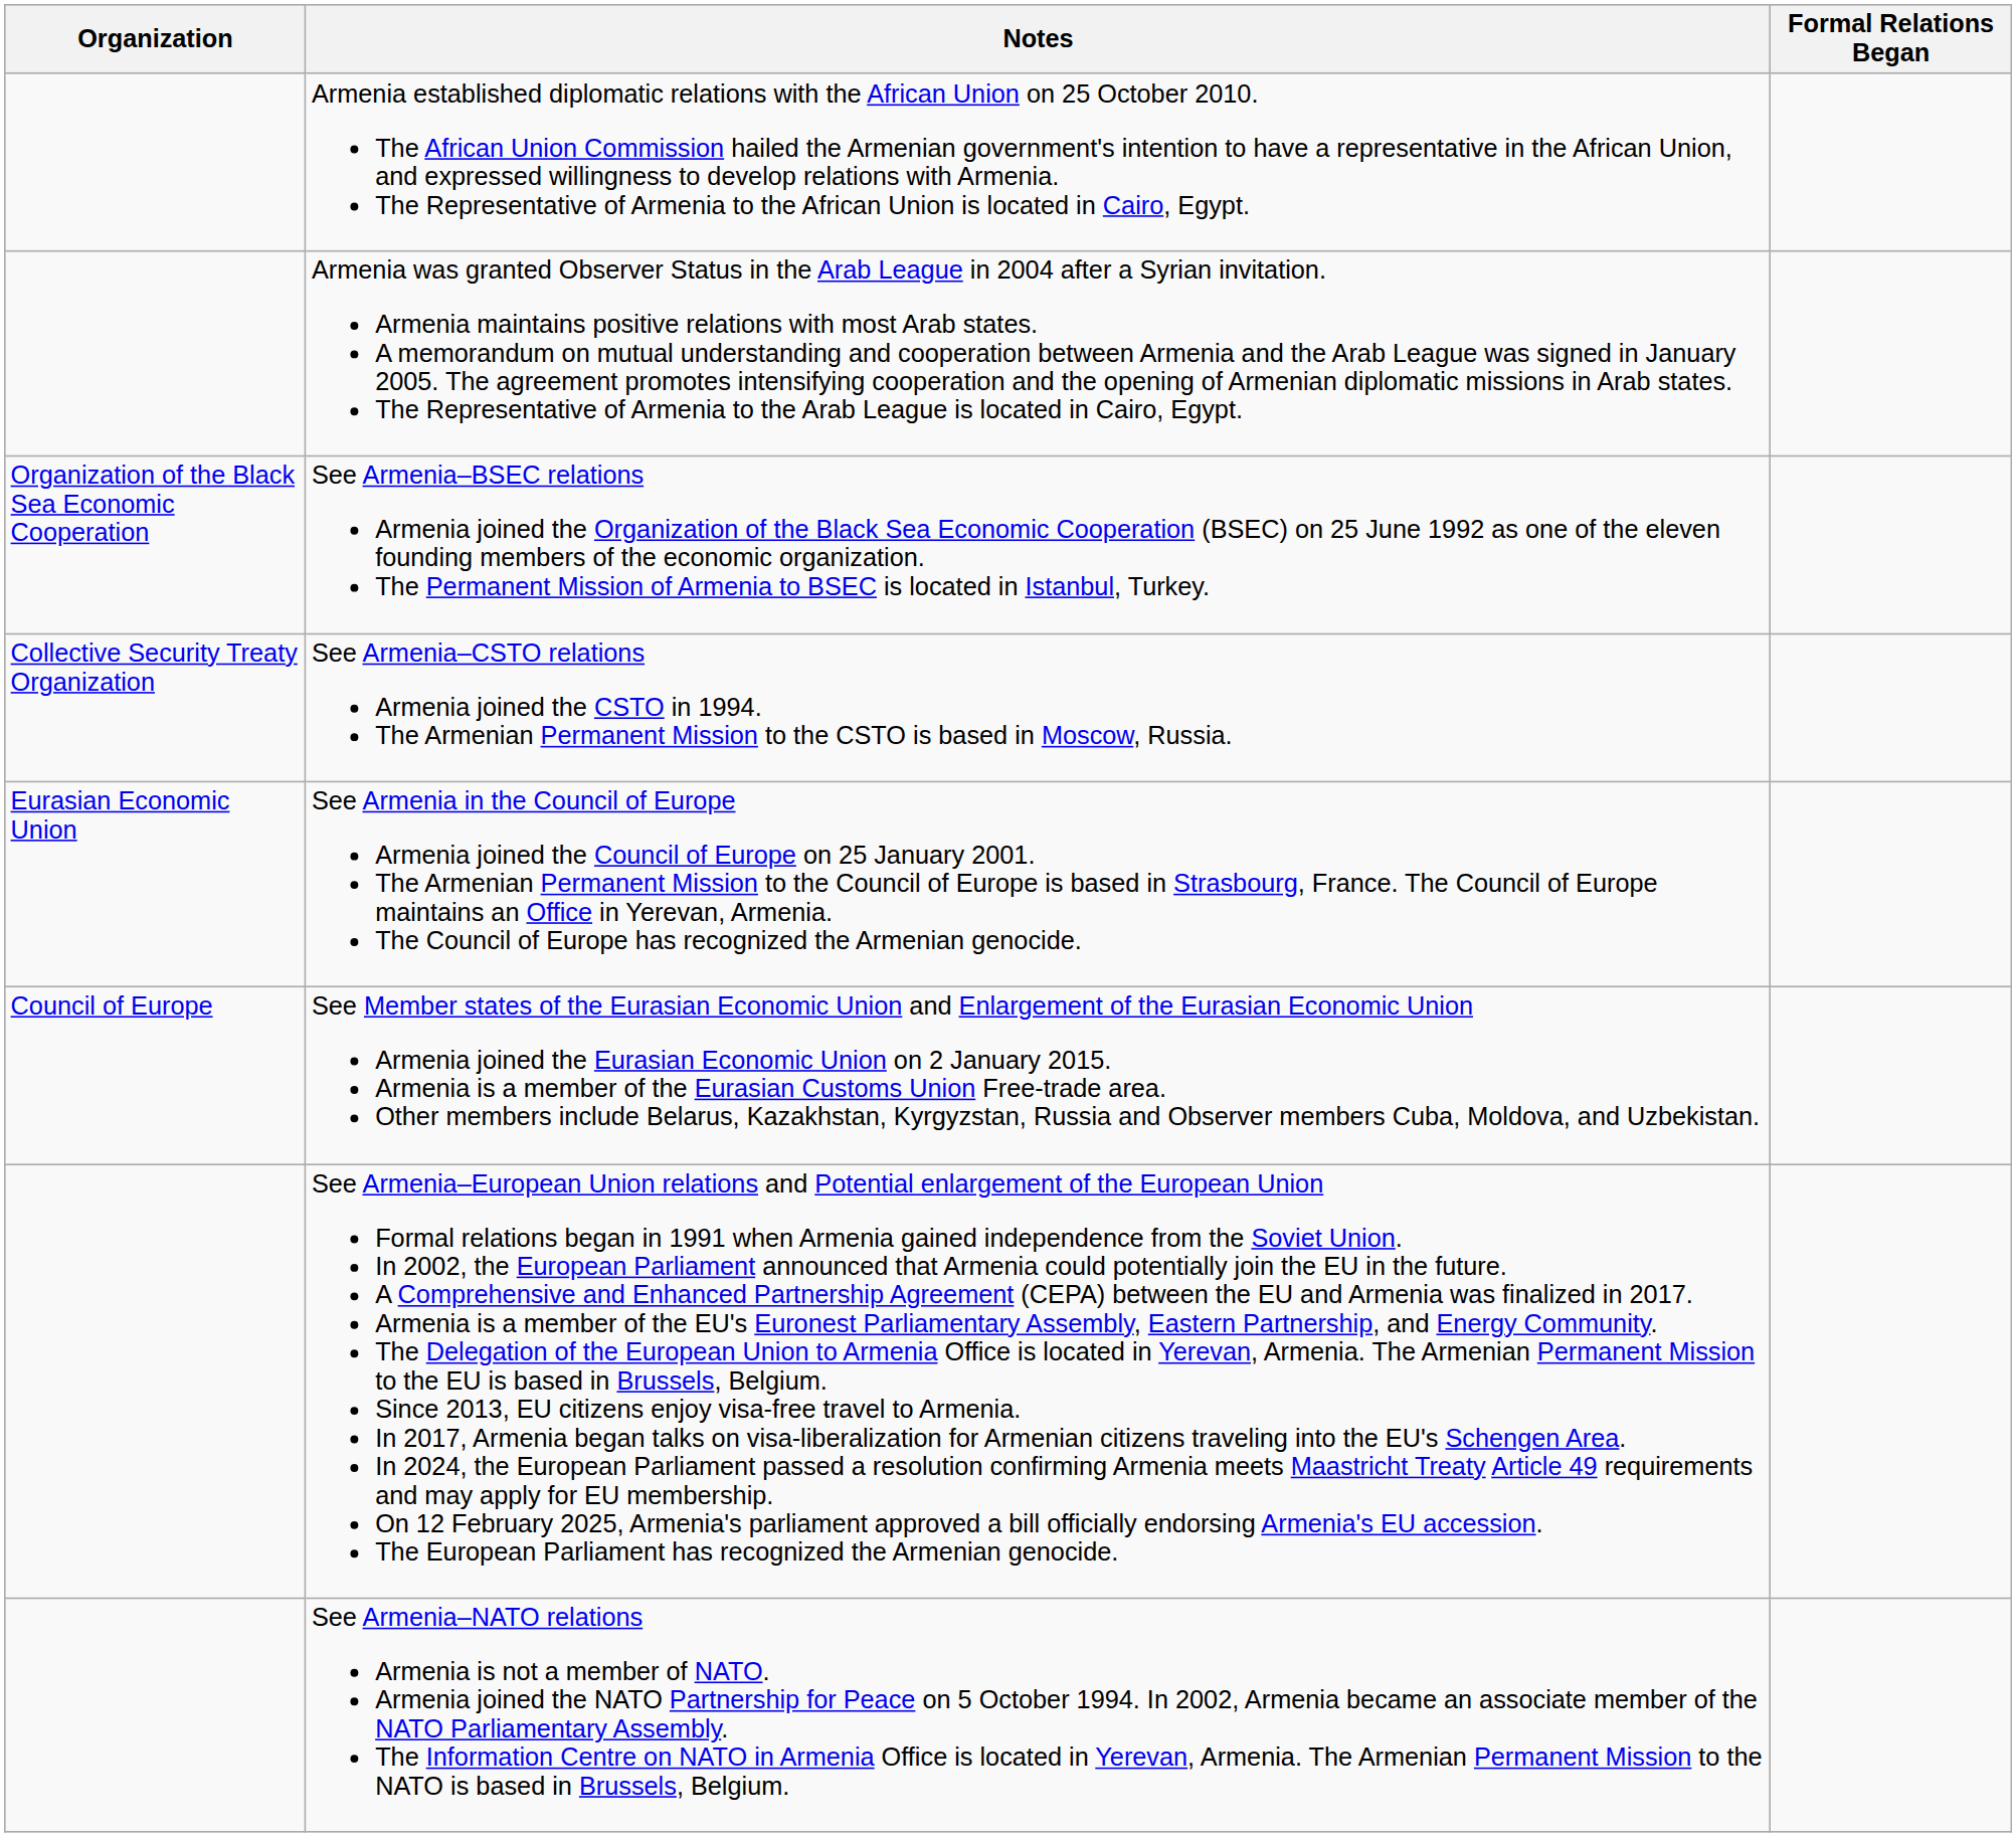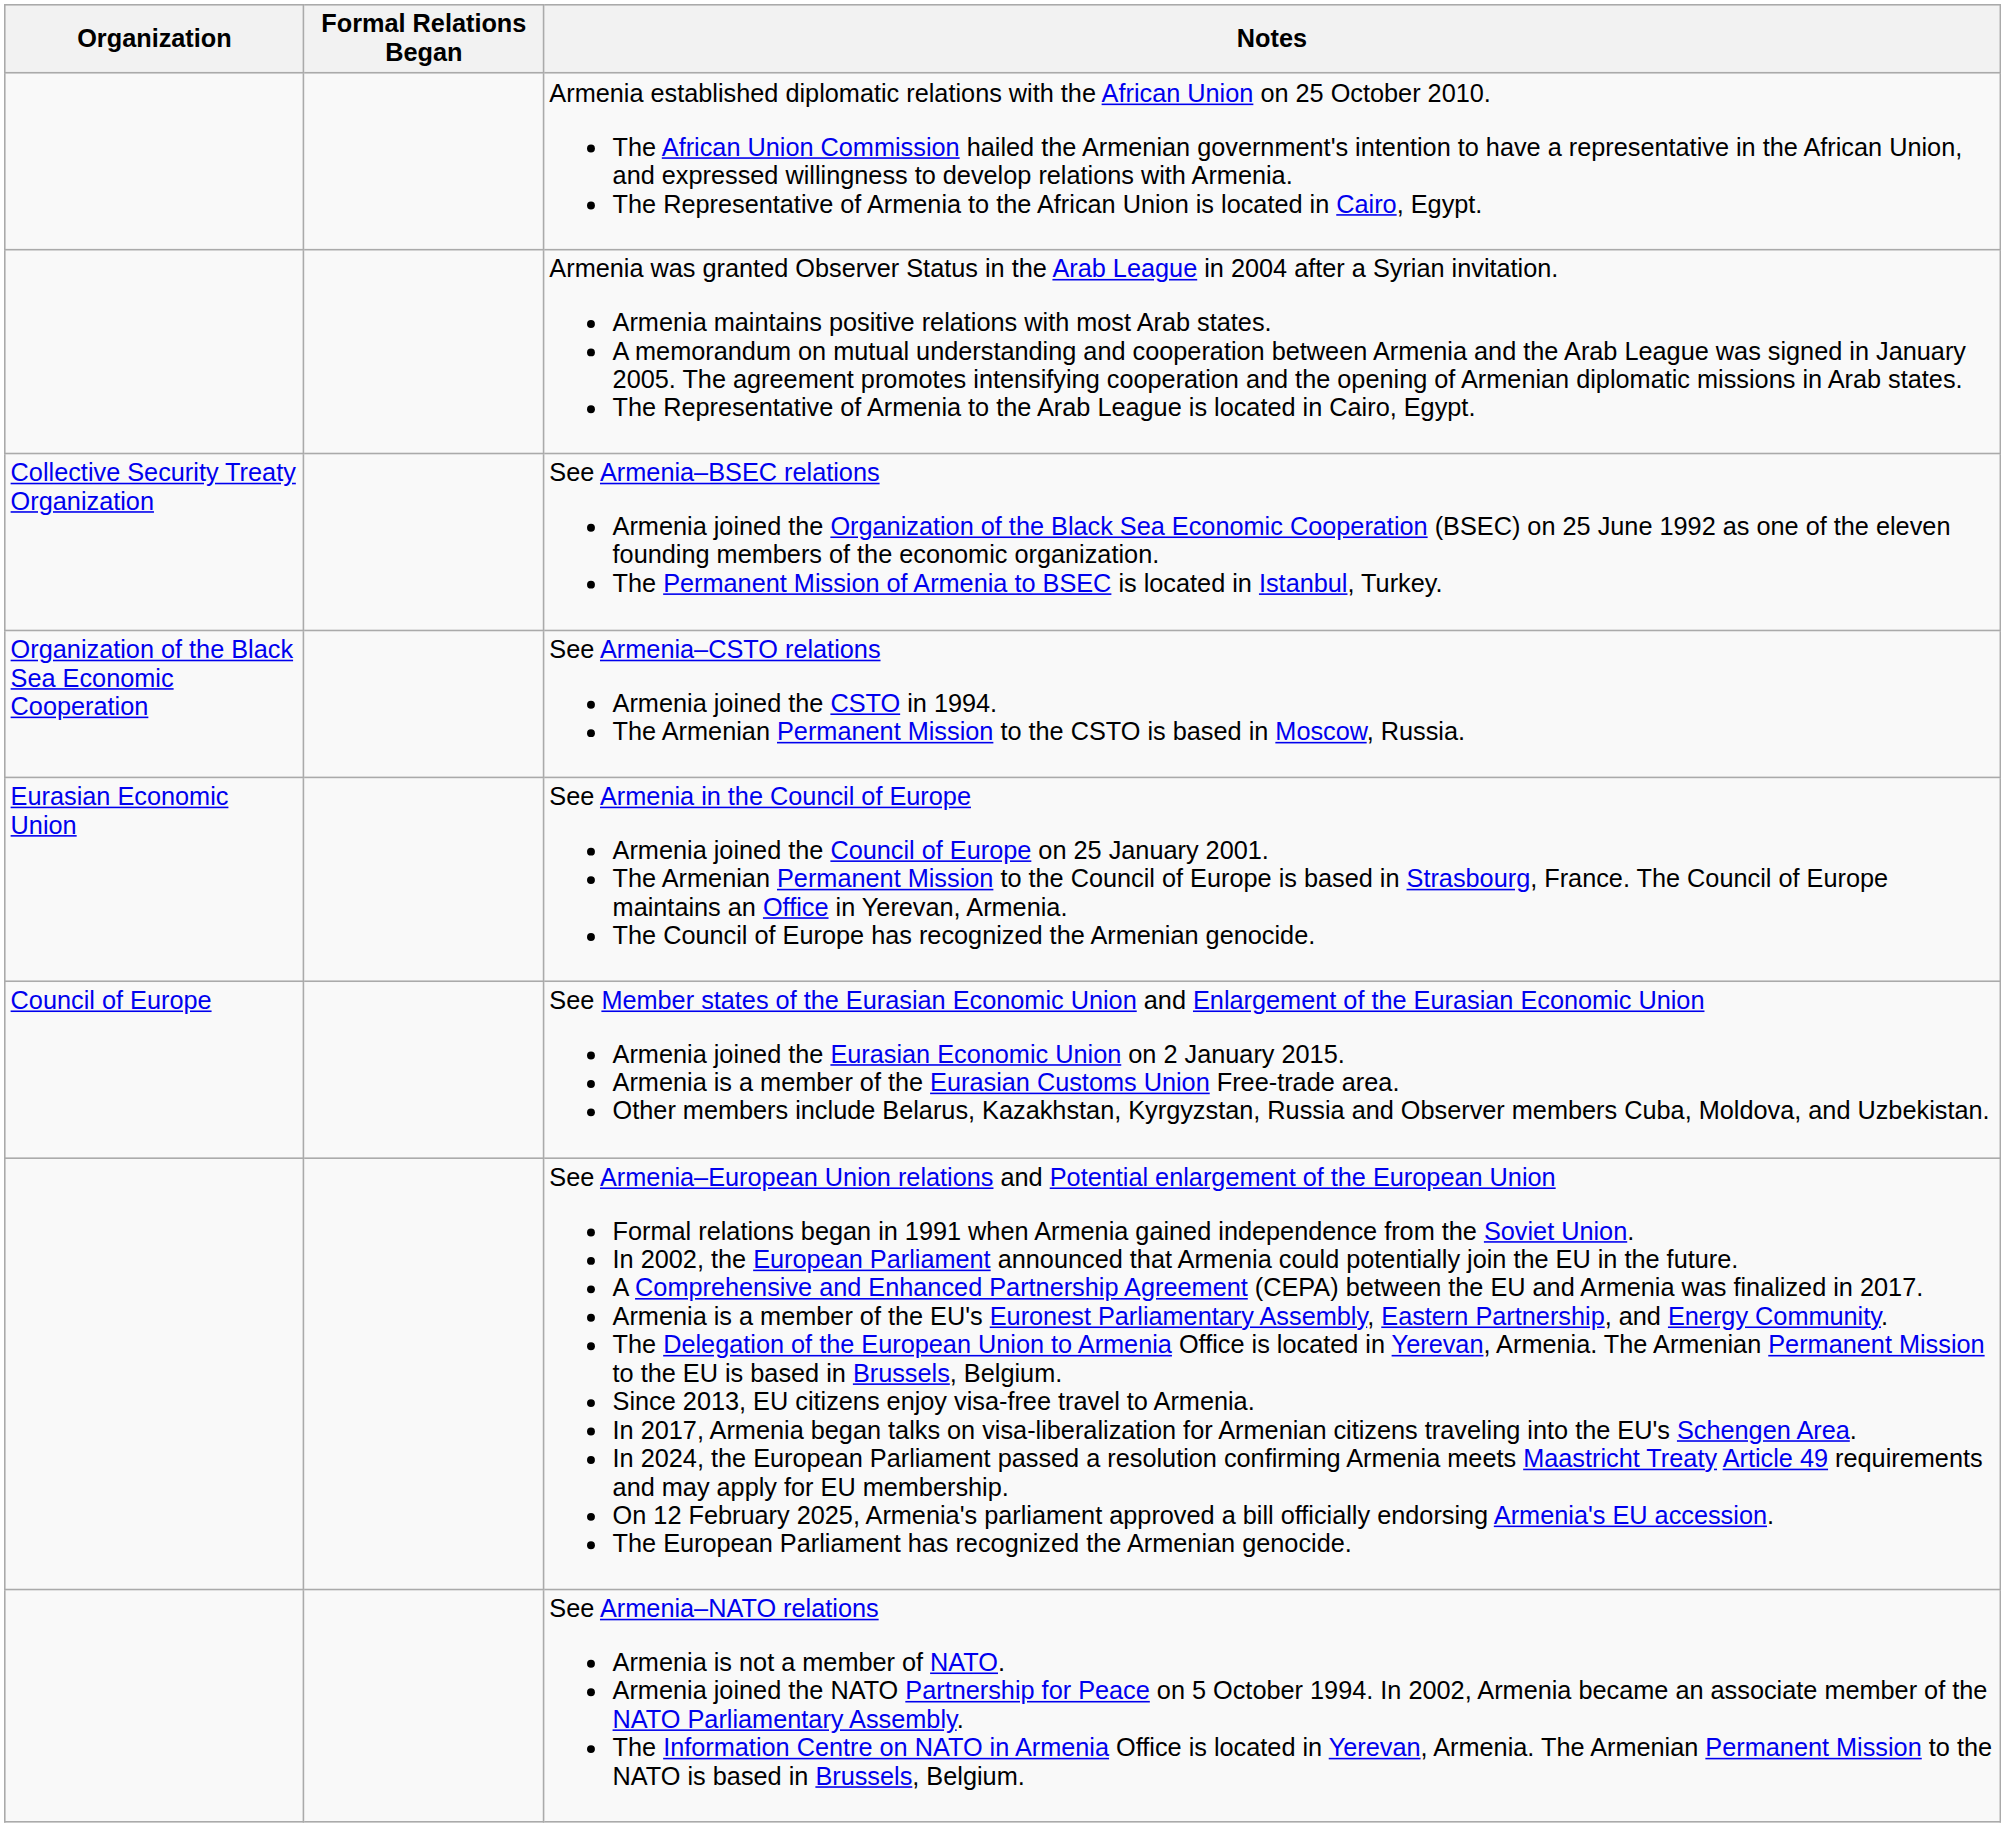 <table class="wikitable sortable" border="1" style="width:100%; margin:auto;">
 <tr>
 <th width="15%">Organization</th>
+<th width="12%">Formal Relations Began</th>
 <th>Notes</th>
-<th width="12%">Formal Relations Began</th>
 </tr>
 <tr valign="top">
 <td></td>
+<td align=right> </td>
 <td>Armenia established diplomatic relations with the <a href='#'>African Union</a> on 25 October 2010.<br><ul><li>The <a href='#'>African Union Commission</a> hailed the Armenian government's intention to have a representative in the African Union, and expressed willingness to develop relations with Armenia.</li><li>The Representative of Armenia to the African Union is located in <a href='#'>Cairo</a>, Egypt.</li></ul></td>
-<td align=right> </td>
 </tr>
 <tr valign="top">
 <td></td>
+<td align=right> </td>
 <td>Armenia was granted Observer Status in the <a href='#'>Arab League</a> in 2004 after a Syrian invitation.<br><ul><li>Armenia maintains positive relations with most Arab states.</li><li>A memorandum on mutual understanding and cooperation between Armenia and the Arab League was signed in January 2005. The agreement promotes intensifying cooperation and the opening of Armenian diplomatic missions in Arab states.</li><li>The Representative of Armenia to the Arab League is located in Cairo, Egypt.</li></ul></td>
+</tr>
+<tr valign="top">
+<td> <a href='#'>Collective Security Treaty Organization</a></td>
 <td align=right> </td>
+<td>See <a href='#'>Armenia–BSEC relations</a><br><ul><li>Armenia joined the <a href='#'>Organization of the Black Sea Economic Cooperation</a> (BSEC) on 25 June 1992 as one of the eleven founding members of the economic organization.</li><li>The <a href='#'>Permanent Mission of Armenia to BSEC</a> is located in <a href='#'>Istanbul</a>, Turkey.</li></ul></td>
 </tr>
 <tr valign="top">
 <td><a href='#'>Organization of the Black Sea Economic Cooperation</a></td>
-<td>See <a href='#'>Armenia–BSEC relations</a><br><ul><li>Armenia joined the <a href='#'>Organization of the Black Sea Economic Cooperation</a> (BSEC) on 25 June 1992 as one of the eleven founding members of the economic organization.</li><li>The <a href='#'>Permanent Mission of Armenia to BSEC</a> is located in <a href='#'>Istanbul</a>, Turkey.</li></ul></td>
 <td align=right> </td>
-</tr>
-<tr valign="top">
-<td> <a href='#'>Collective Security Treaty Organization</a></td>
 <td>See <a href='#'>Armenia–CSTO relations</a><br><ul><li>Armenia joined the <a href='#'>CSTO</a> in 1994.</li><li>The Armenian <a href='#'>Permanent Mission</a> to the CSTO is based in <a href='#'>Moscow</a>, Russia.</li></ul></td>
-<td align=right> </td>
 </tr>
 <tr valign="top">
 <td> <a href='#'>Eurasian Economic Union</a></td>
+<td align=right> </td>
 <td>See <a href='#'>Armenia in the Council of Europe</a><br><ul><li>Armenia joined the <a href='#'>Council of Europe</a> on 25 January 2001.</li><li>The Armenian <a href='#'>Permanent Mission</a> to the Council of Europe is based in <a href='#'>Strasbourg</a>, France. The Council of Europe maintains an <a href='#'>Office</a> in Yerevan, Armenia.</li><li>The Council of Europe has recognized the Armenian genocide.</li></ul></td>
-<td align=right> </td>
 </tr>
 <tr valign="top">
 <td> <a href='#'>Council of Europe</a></td>
+<td align=right> </td>
 <td>See <a href='#'>Member states of the Eurasian Economic Union</a> and <a href='#'>Enlargement of the Eurasian Economic Union</a><br><ul><li>Armenia joined the <a href='#'>Eurasian Economic Union</a> on 2 January 2015.</li><li>Armenia is a member of the <a href='#'>Eurasian Customs Union</a> Free-trade area.</li><li>Other members include Belarus, Kazakhstan, Kyrgyzstan, Russia and Observer members Cuba, Moldova, and Uzbekistan.</li></ul></td>
-<td align=right> </td>
 </tr>
 <tr valign="top">
 <td></td>
+<td align=right></td>
 <td>See <a href='#'>Armenia–European Union relations</a> and <a href='#'>Potential enlargement of the European Union</a><br><ul><li>Formal relations began in 1991 when Armenia gained independence from the <a href='#'>Soviet Union</a>.</li><li>In 2002, the <a href='#'>European Parliament</a> announced that Armenia could potentially join the EU in the future.</li><li>A <a href='#'>Comprehensive and Enhanced Partnership Agreement</a> (CEPA) between the EU and Armenia was finalized in 2017.</li><li>Armenia is a member of the EU's <a href='#'>Euronest Parliamentary Assembly</a>, <a href='#'>Eastern Partnership</a>, and <a href='#'>Energy Community</a>.</li><li>The <a href='#'>Delegation of the European Union to Armenia</a> Office is located in <a href='#'>Yerevan</a>, Armenia. The Armenian <a href='#'>Permanent Mission</a> to the EU is based in <a href='#'>Brussels</a>, Belgium.</li><li>Since 2013, EU citizens enjoy visa-free travel to Armenia.</li><li>In 2017, Armenia began talks on visa-liberalization for Armenian citizens traveling into the EU's <a href='#'>Schengen Area</a>.</li><li>In 2024, the European Parliament passed a resolution confirming Armenia meets <a href='#'>Maastricht Treaty</a> <a href='#'>Article 49</a> requirements and may apply for EU membership.</li><li>On 12 February 2025, Armenia's parliament approved a bill officially endorsing <a href='#'>Armenia's EU accession</a>.</li><li>The European Parliament has recognized the Armenian genocide.</li></ul></td>
-<td align=right></td>
 </tr>
 <tr -valign="top">
 <td></td>
+<td align=right></td>
 <td>See <a href='#'>Armenia–NATO relations</a><br><ul><li>Armenia is not a member of <a href='#'>NATO</a>.</li><li>Armenia joined the NATO <a href='#'>Partnership for Peace</a> on 5 October 1994. In 2002, Armenia became an associate member of the <a href='#'>NATO Parliamentary Assembly</a>.</li><li>The <a href='#'>Information Centre on NATO in Armenia</a> Office is located in <a href='#'>Yerevan</a>, Armenia. The Armenian <a href='#'>Permanent Mission</a> to the NATO is based in <a href='#'>Brussels</a>, Belgium.</li></ul></td>
-<td align=right></td>
 </tr>
 </table>
